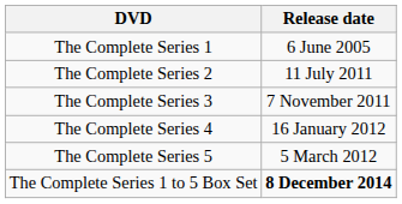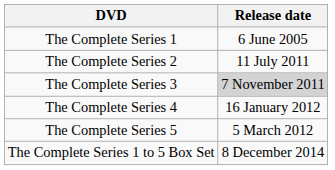 <table class="wikitable" style="text-align:center;">
 <tr>
 <th>DVD</th>
 <th>Release date</th>
 </tr>
 <tr>
 <td>The Complete Series 1</td>
 <td>6 June 2005</td>
 </tr>
 <tr>
 <td>The Complete Series 2</td>
 <td>11 July 2011</td>
 </tr>
 <tr>
 <td>The Complete Series 3</td>
-<td>7 November 2011</td>
+<td style="background: lightgrey;">7 November 2011</td>
 </tr>
 <tr>
 <td>The Complete Series 4</td>
 <td>16 January 2012</td>
 </tr>
 <tr>
 <td>The Complete Series 5</td>
 <td>5 March 2012</td>
 </tr>
 <tr>
 <td>The Complete Series 1 to 5 Box Set</td>
-<td><strong>8 December 2014</strong></td>
+<td>8 December 2014</td>
 </tr>
 </table>
